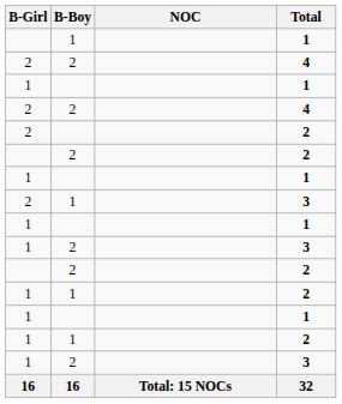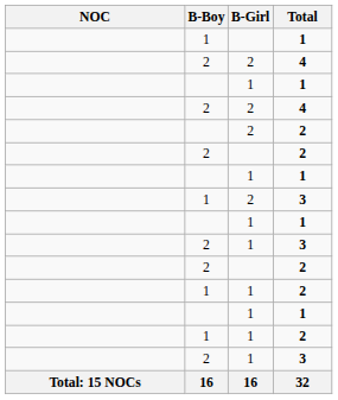 <table class="wikitable" style="text-align:center; font-size:90%">
 <tr>
+<th width="180" style="text-align:center;">NOC</th>
+<th>B-Boy</th>
 <th>B-Girl</th>
-<th>B-Boy</th>
-<th width="180" style="text-align:center;">NOC</th>
 <th width="55">Total</th>
 </tr>
 <tr>
+<td align=left></td>
+<td>1</td>
 <td></td>
-<td>1</td>
-<td align=left></td>
 <td><strong>1</strong></td>
 </tr>
 <tr>
+<td align=left></td>
 <td>2</td>
 <td>2</td>
-<td align=left></td>
 <td><strong>4</strong></td>
 </tr>
 <tr>
+<td align=left></td>
+<td></td>
 <td>1</td>
-<td></td>
-<td align=left></td>
 <td><strong>1</strong></td>
 </tr>
 <tr>
+<td align=left></td>
 <td>2</td>
 <td>2</td>
-<td align=left></td>
 <td><strong>4</strong></td>
 </tr>
 <tr>
+<td align=left></td>
+<td></td>
 <td>2</td>
-<td></td>
-<td align=left></td>
 <td><strong>2</strong></td>
 </tr>
 <tr>
+<td align=left></td>
+<td>2</td>
 <td></td>
-<td>2</td>
-<td align=left></td>
 <td><strong>2</strong></td>
 </tr>
 <tr>
+<td align=left></td>
+<td></td>
 <td>1</td>
-<td></td>
-<td align=left></td>
 <td><strong>1</strong></td>
 </tr>
 <tr>
+<td align=left></td>
+<td>1</td>
 <td>2</td>
-<td>1</td>
-<td align=left></td>
 <td><strong>3</strong></td>
 </tr>
 <tr>
+<td align=left></td>
+<td></td>
 <td>1</td>
-<td></td>
-<td align=left></td>
 <td><strong>1</strong></td>
 </tr>
 <tr>
+<td align=left></td>
+<td>2</td>
 <td>1</td>
-<td>2</td>
-<td align=left></td>
 <td><strong>3</strong></td>
 </tr>
 <tr>
+<td align=left></td>
+<td>2</td>
 <td></td>
-<td>2</td>
-<td align=left></td>
 <td><strong>2</strong></td>
 </tr>
 <tr>
+<td align=left></td>
 <td>1</td>
 <td>1</td>
-<td align=left></td>
 <td><strong>2</strong></td>
 </tr>
 <tr>
+<td align=left></td>
+<td></td>
 <td>1</td>
-<td></td>
-<td align=left></td>
 <td><strong>1</strong></td>
 </tr>
 <tr>
+<td align=left></td>
 <td>1</td>
 <td>1</td>
-<td align=left></td>
 <td><strong>2</strong></td>
 </tr>
 <tr>
+<td align=left></td>
+<td>2</td>
 <td>1</td>
-<td>2</td>
-<td align=left></td>
 <td><strong>3</strong></td>
 </tr>
 <tr>
+<th>Total: 15 NOCs</th>
 <th>16</th>
 <th>16</th>
-<th>Total: 15 NOCs</th>
 <th>32</th>
 </tr>
 </table>
